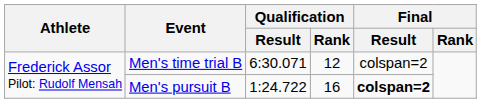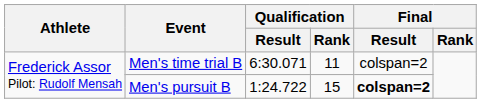 <table class=wikitable style="font-size:90%">
 <tr>
 <th rowspan="2">Athlete</th>
 <th rowspan="2">Event</th>
 <th colspan="2">Qualification</th>
 <th colspan="2">Final</th>
 </tr>
 <tr>
 <th>Result</th>
 <th>Rank</th>
 <th>Result</th>
 <th>Rank</th>
 </tr>
 <tr align=center>
 <td align=left rowspan=2><a href='#'>Frederick Assor</a><br><small>Pilot: <a href='#'>Rudolf Mensah</a></small></td>
 <td align=left><a href='#'>Men's time trial B</a></td>
 <td>6:30.071</td>
-<td>12</td>
+<td>11</td>
 <td>colspan=2 </td>
 </tr>
 <tr align=center>
 <td align=left><a href='#'>Men's pursuit B</a></td>
 <td>1:24.722</td>
-<td>16</td>
+<td>15</td>
 <td><strong>colspan=2 </strong></td>
 </tr>
 </table>
